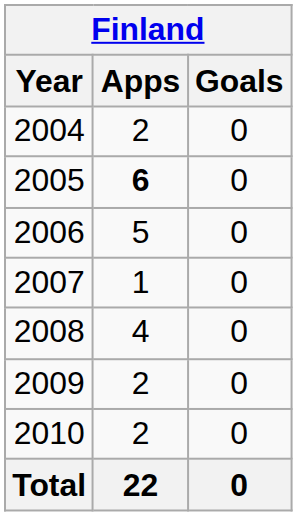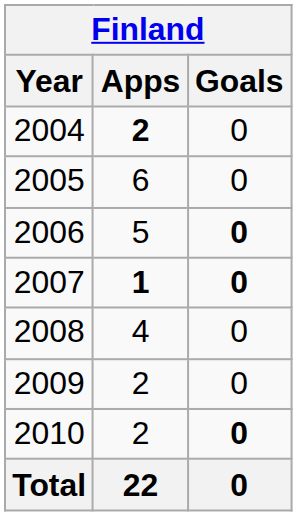 <table class=wikitable style=text-align:center>
 <tr>
 <th colspan=4><a href='#'>Finland</a></th>
 </tr>
 <tr>
 <th>Year</th>
 <th>Apps</th>
 <th>Goals</th>
 </tr>
 <tr>
 <td>2004</td>
-<td>2</td>
+<td><strong>2</strong></td>
 <td>0</td>
 </tr>
 <tr>
 <td>2005</td>
-<td><strong>6</strong></td>
+<td>6</td>
 <td>0</td>
 </tr>
 <tr>
 <td>2006</td>
 <td>5</td>
-<td>0</td>
+<td><strong>0</strong></td>
 </tr>
 <tr>
 <td>2007</td>
-<td>1</td>
-<td>0</td>
+<td><strong>1</strong></td>
+<td><strong>0</strong></td>
 </tr>
 <tr>
 <td>2008</td>
 <td>4</td>
 <td>0</td>
 </tr>
 <tr>
 <td>2009</td>
 <td>2</td>
 <td>0</td>
 </tr>
 <tr>
 <td>2010</td>
 <td>2</td>
-<td>0</td>
+<td><strong>0</strong></td>
 </tr>
 <tr>
 <th colspan=1>Total</th>
 <th>22</th>
 <th>0</th>
 </tr>
 </table>
